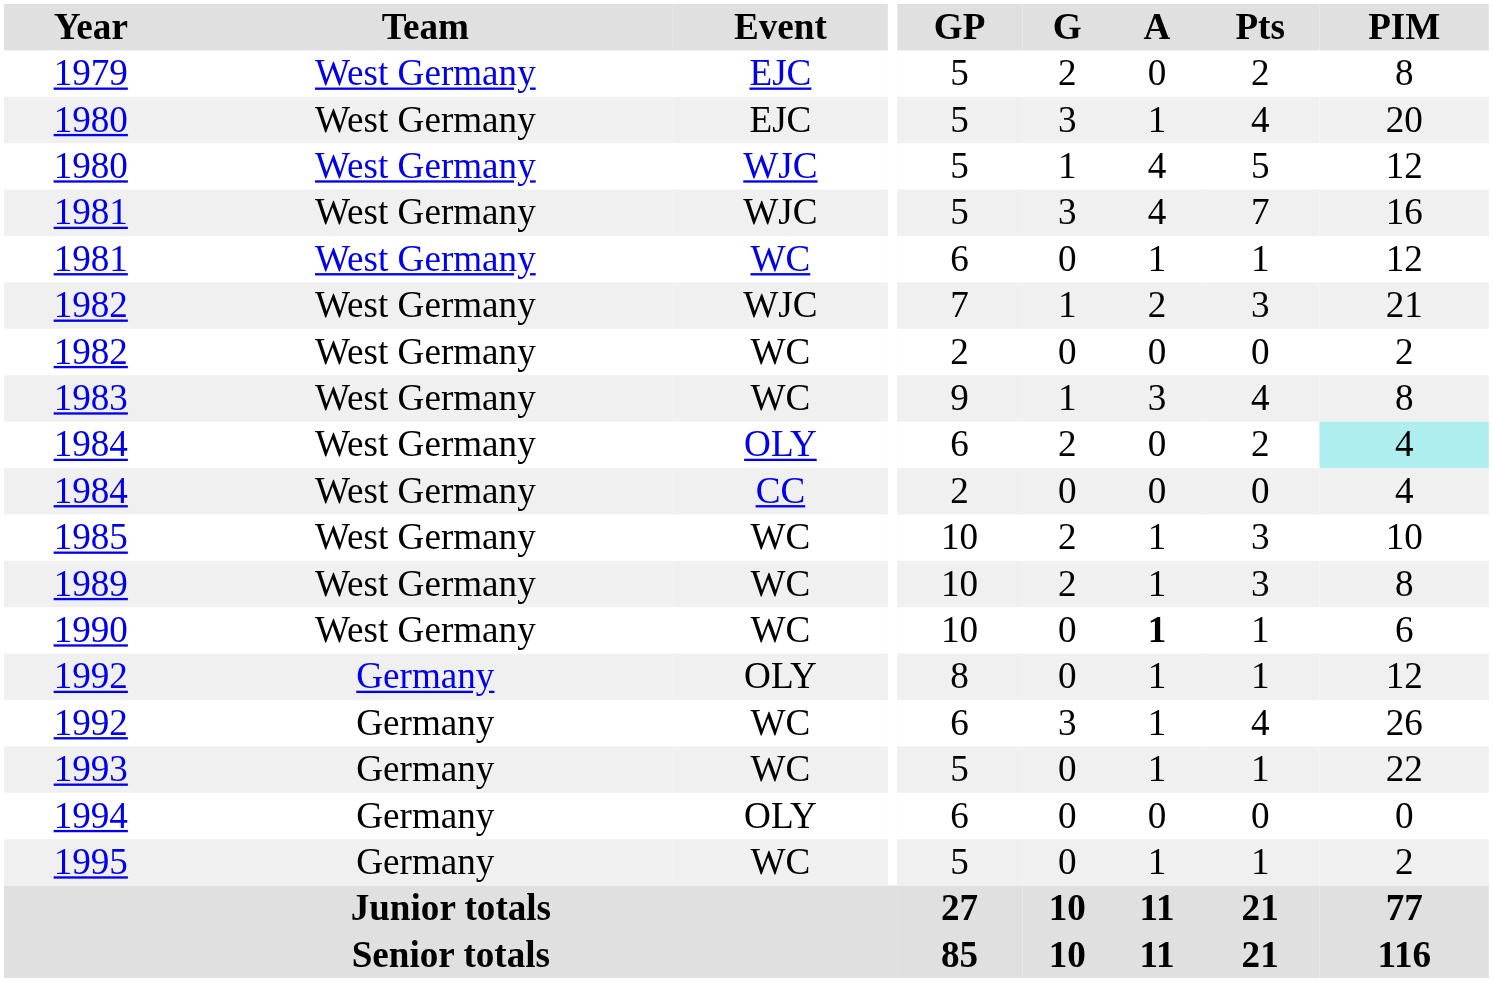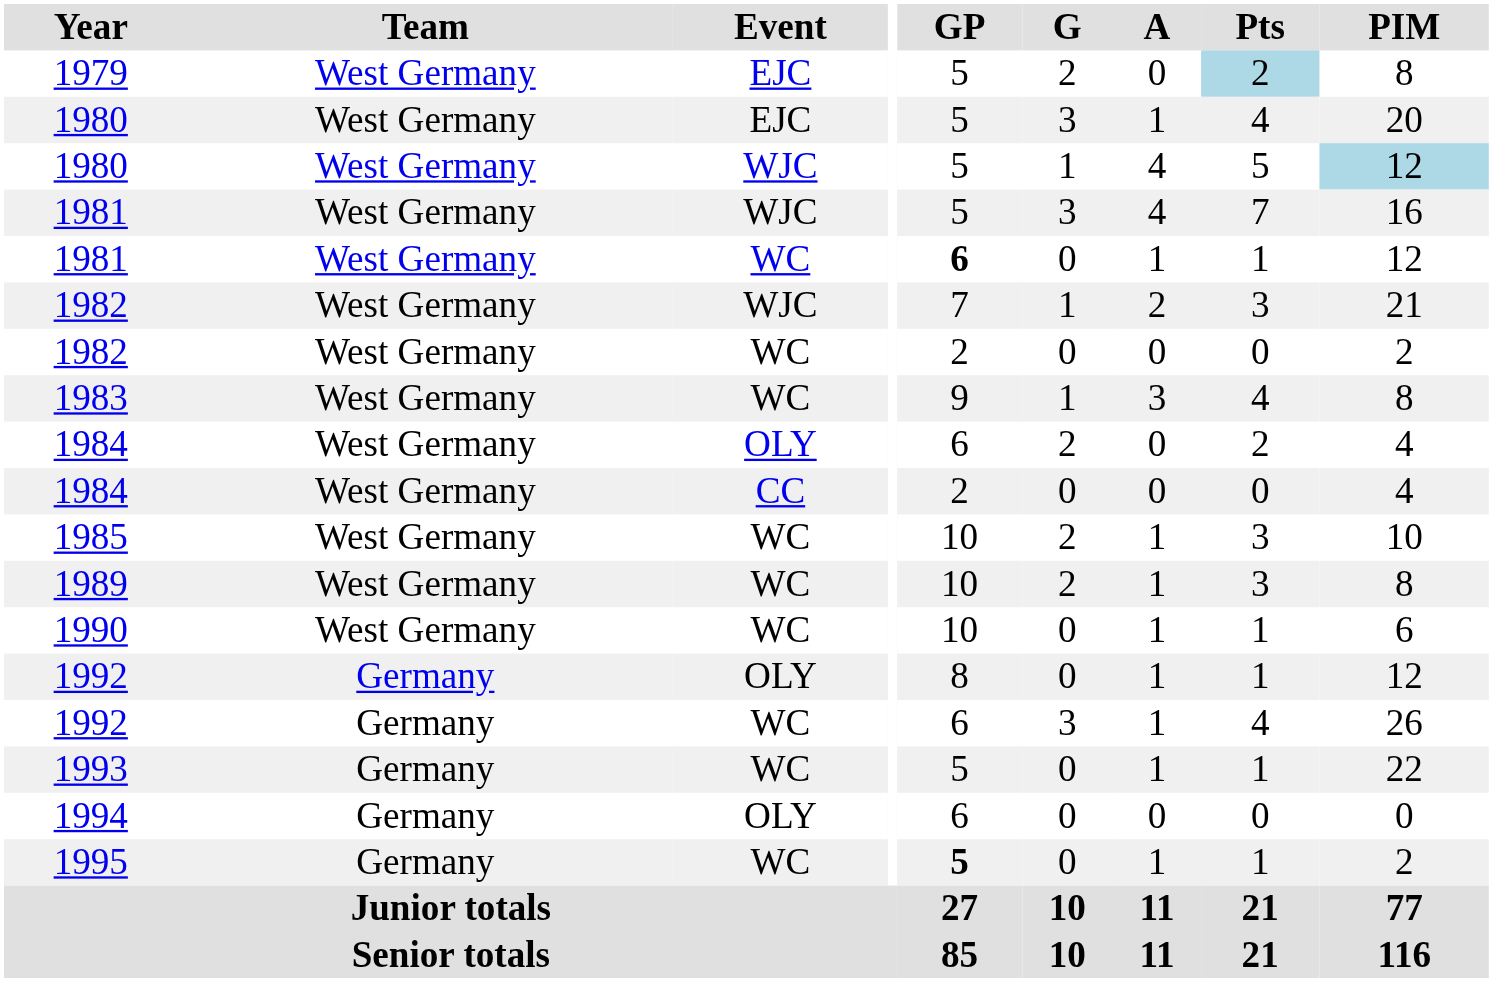 <table border="0" cellpadding="1" cellspacing="0" ID="Table3" style="text-align:center; width:40em">
 <tr bgcolor="#e0e0e0">
 <th>Year</th>
 <th>Team</th>
 <th>Event</th>
 <th rowspan="102" bgcolor="#ffffff"></th>
 <th>GP</th>
 <th>G</th>
 <th>A</th>
 <th>Pts</th>
 <th>PIM</th>
 </tr>
 <tr>
 <td><a href='#'>1979</a></td>
 <td><a href='#'>West Germany</a></td>
 <td><a href='#'>EJC</a></td>
 <td>5</td>
 <td>2</td>
 <td>0</td>
-<td>2</td>
+<td style="background: lightblue;">2</td>
 <td>8</td>
 </tr>
 <tr bgcolor="#f0f0f0">
 <td><a href='#'>1980</a></td>
 <td>West Germany</td>
 <td>EJC</td>
 <td>5</td>
 <td>3</td>
 <td>1</td>
 <td>4</td>
 <td>20</td>
 </tr>
 <tr>
 <td><a href='#'>1980</a></td>
 <td><a href='#'>West Germany</a></td>
 <td><a href='#'>WJC</a></td>
 <td>5</td>
 <td>1</td>
 <td>4</td>
 <td>5</td>
-<td>12</td>
+<td style="background: lightblue;">12</td>
 </tr>
 <tr bgcolor="#f0f0f0">
 <td><a href='#'>1981</a></td>
 <td>West Germany</td>
 <td>WJC</td>
 <td>5</td>
 <td>3</td>
 <td>4</td>
 <td>7</td>
 <td>16</td>
 </tr>
 <tr>
 <td><a href='#'>1981</a></td>
 <td><a href='#'>West Germany</a></td>
 <td><a href='#'>WC</a></td>
-<td>6</td>
+<td><strong>6</strong></td>
 <td>0</td>
 <td>1</td>
 <td>1</td>
 <td>12</td>
 </tr>
 <tr bgcolor="#f0f0f0">
 <td><a href='#'>1982</a></td>
 <td>West Germany</td>
 <td>WJC</td>
 <td>7</td>
 <td>1</td>
 <td>2</td>
 <td>3</td>
 <td>21</td>
 </tr>
 <tr>
 <td><a href='#'>1982</a></td>
 <td>West Germany</td>
 <td>WC</td>
 <td>2</td>
 <td>0</td>
 <td>0</td>
 <td>0</td>
 <td>2</td>
 </tr>
 <tr bgcolor="#f0f0f0">
 <td><a href='#'>1983</a></td>
 <td>West Germany</td>
 <td>WC</td>
 <td>9</td>
 <td>1</td>
 <td>3</td>
 <td>4</td>
 <td>8</td>
 </tr>
 <tr>
 <td><a href='#'>1984</a></td>
 <td>West Germany</td>
 <td><a href='#'>OLY</a></td>
 <td>6</td>
 <td>2</td>
 <td>0</td>
 <td>2</td>
-<td style="background: paleturquoise;">4</td>
+<td>4</td>
 </tr>
 <tr bgcolor="#f0f0f0">
 <td><a href='#'>1984</a></td>
 <td>West Germany</td>
 <td><a href='#'>CC</a></td>
 <td>2</td>
 <td>0</td>
 <td>0</td>
 <td>0</td>
 <td>4</td>
 </tr>
 <tr>
 <td><a href='#'>1985</a></td>
 <td>West Germany</td>
 <td>WC</td>
 <td>10</td>
 <td>2</td>
 <td>1</td>
 <td>3</td>
 <td>10</td>
 </tr>
 <tr bgcolor="#f0f0f0">
 <td><a href='#'>1989</a></td>
 <td>West Germany</td>
 <td>WC</td>
 <td>10</td>
 <td>2</td>
 <td>1</td>
 <td>3</td>
 <td>8</td>
 </tr>
 <tr>
 <td><a href='#'>1990</a></td>
 <td>West Germany</td>
 <td>WC</td>
 <td>10</td>
 <td>0</td>
-<td><strong>1</strong></td>
+<td>1</td>
 <td>1</td>
 <td>6</td>
 </tr>
 <tr bgcolor="#f0f0f0">
 <td><a href='#'>1992</a></td>
 <td><a href='#'>Germany</a></td>
 <td>OLY</td>
 <td>8</td>
 <td>0</td>
 <td>1</td>
 <td>1</td>
 <td>12</td>
 </tr>
 <tr>
 <td><a href='#'>1992</a></td>
 <td>Germany</td>
 <td>WC</td>
 <td>6</td>
 <td>3</td>
 <td>1</td>
 <td>4</td>
 <td>26</td>
 </tr>
 <tr bgcolor="#f0f0f0">
 <td><a href='#'>1993</a></td>
 <td>Germany</td>
 <td>WC</td>
 <td>5</td>
 <td>0</td>
 <td>1</td>
 <td>1</td>
 <td>22</td>
 </tr>
 <tr>
 <td><a href='#'>1994</a></td>
 <td>Germany</td>
 <td>OLY</td>
 <td>6</td>
 <td>0</td>
 <td>0</td>
 <td>0</td>
 <td>0</td>
 </tr>
 <tr bgcolor="#f0f0f0">
 <td><a href='#'>1995</a></td>
 <td>Germany</td>
 <td>WC</td>
-<td>5</td>
+<td><strong>5</strong></td>
 <td>0</td>
 <td>1</td>
 <td>1</td>
 <td>2</td>
 </tr>
 <tr bgcolor="#e0e0e0">
 <th colspan="4">Junior totals</th>
 <th>27</th>
 <th>10</th>
 <th>11</th>
 <th>21</th>
 <th>77</th>
 </tr>
 <tr bgcolor="#e0e0e0">
 <th colspan="4">Senior totals</th>
 <th>85</th>
 <th>10</th>
 <th>11</th>
 <th>21</th>
 <th>116</th>
 </tr>
 </table>
